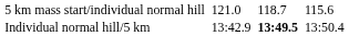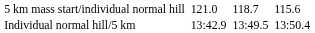 <table>
 <tr>
 <td>5 km mass start/individual normal hill<br></td>
 <td></td>
 <td>121.0</td>
 <td></td>
 <td>118.7</td>
 <td></td>
 <td>115.6</td>
 </tr>
 <tr>
 <td>Individual normal hill/5 km<br></td>
 <td></td>
 <td>13:42.9</td>
 <td></td>
-<td><strong>13:49.5</strong></td>
+<td>13:49.5</td>
 <td></td>
 <td>13:50.4</td>
 </tr>
 </table>
